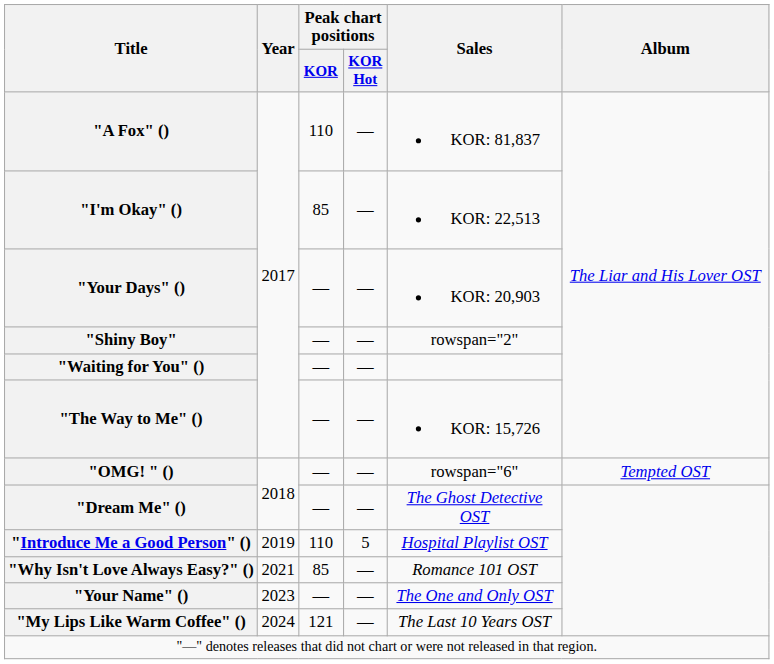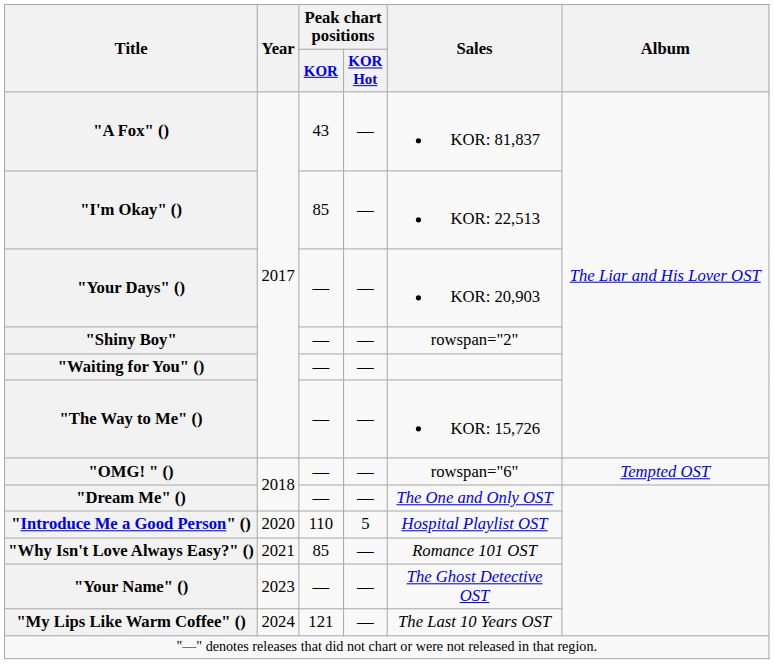 <table class="wikitable plainrowheaders" style="text-align:center">
 <tr>
 <th scope="col" rowspan="2">Title</th>
 <th scope="col" rowspan="2" style="width:1em">Year</th>
 <th scope="col" colspan="2">Peak chart<br>positions</th>
 <th scope="col" rowspan="2" style="width:10em">Sales</th>
 <th scope="col" rowspan="2" style="width:12em">Album</th>
 </tr>
 <tr>
 <th scope="col" style="font-size:90%; width:2.5em"><a href='#'>KOR</a><br></th>
 <th scope="col" style="font-size:90%; width:2.5em"><a href='#'>KOR<br>Hot</a><br></th>
 </tr>
 <tr>
 <th scope="row">"A Fox" ()</th>
 <td rowspan="6">2017</td>
-<td>110</td>
+<td>43</td>
 <td>—</td>
 <td><br><ul><li>KOR: 81,837</li></ul></td>
 <td rowspan="6"><em><a href='#'>The Liar and His Lover OST</a></em></td>
 </tr>
 <tr>
 <th scope="row">"I'm Okay" ()<br></th>
 <td>85</td>
 <td>—</td>
 <td><br><ul><li>KOR: 22,513</li></ul></td>
 </tr>
 <tr>
 <th scope="row">"Your Days" ()</th>
 <td>—</td>
 <td>—</td>
 <td><br><ul><li>KOR: 20,903</li></ul></td>
 </tr>
 <tr>
 <th scope="row">"Shiny Boy"</th>
 <td>—</td>
 <td>—</td>
 <td>rowspan="2" </td>
 </tr>
 <tr>
 <th scope="row">"Waiting for You" ()</th>
 <td>—</td>
 <td>—</td>
 </tr>
 <tr>
 <th scope="row">"The Way to Me" ()</th>
 <td>—</td>
 <td>—</td>
 <td><br><ul><li>KOR: 15,726</li></ul></td>
 </tr>
 <tr>
 <th scope="row">"OMG! " ()</th>
 <td rowspan="2">2018</td>
 <td>—</td>
 <td>—</td>
 <td>rowspan="6" </td>
 <td><em><a href='#'>Tempted OST</a></em></td>
 </tr>
 <tr>
 <th scope="row">"Dream Me" ()<br></th>
 <td>—</td>
 <td>—</td>
-<td><em><a href='#'>The Ghost Detective OST</a></em></td>
+<td><em><a href='#'>The One and Only OST</a></em></td>
 </tr>
 <tr>
 <th scope="row">"<a href='#'>Introduce Me a Good Person</a>" ()</th>
-<td>2019</td>
+<td>2020</td>
 <td>110</td>
 <td>5</td>
 <td><em><a href='#'>Hospital Playlist OST</a></em></td>
 </tr>
 <tr>
 <th scope="row">"Why Isn't Love Always Easy?" ()</th>
 <td>2021</td>
 <td>85</td>
 <td>—</td>
 <td><em>Romance 101 OST</em></td>
 </tr>
 <tr>
 <th scope="row">"Your Name" ()</th>
 <td>2023</td>
 <td>—</td>
 <td>—</td>
-<td><em><a href='#'>The One and Only OST</a></em></td>
+<td><em><a href='#'>The Ghost Detective OST</a></em></td>
 </tr>
 <tr>
 <th scope="row">"My Lips Like Warm Coffee" ()<br></th>
 <td>2024</td>
 <td>121</td>
 <td>—</td>
 <td><em>The Last 10 Years OST</em></td>
 </tr>
 <tr>
 <td colspan="6" style="font-size:85%">"—" denotes releases that did not chart or were not released in that region.</td>
 </tr>
 </table>
